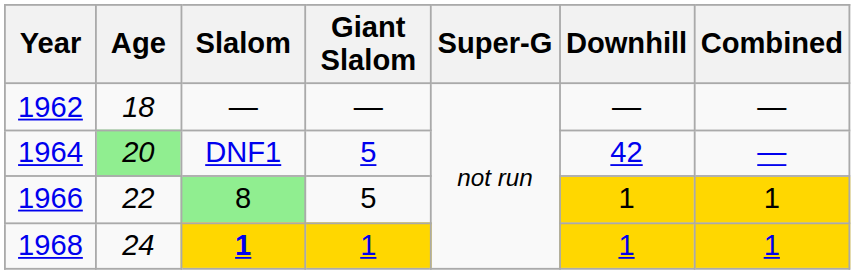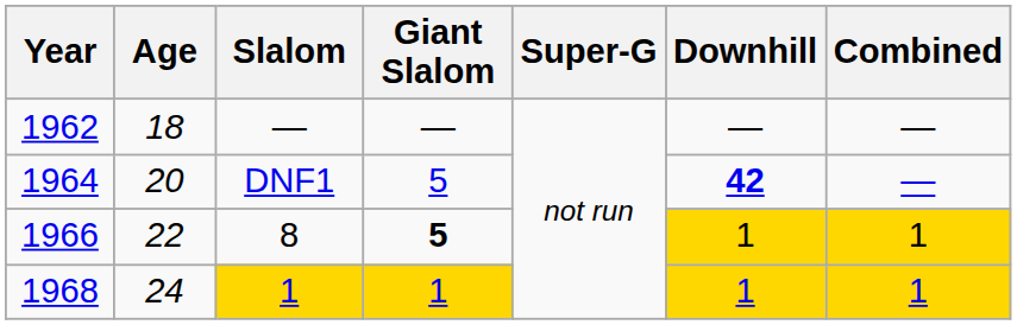 <table class=wikitable style="text-align:center">
 <tr>
 <th> Year </th>
 <th> Age </th>
 <th> Slalom </th>
 <th>Giant<br> Slalom </th>
 <th>Super-G</th>
 <th>Downhill</th>
 <th>Combined</th>
 </tr>
 <tr>
 <td><a href='#'>1962</a></td>
 <td><em>18</em></td>
 <td>—</td>
 <td>—</td>
 <td rowspan=4><small><em>not run</em></small></td>
 <td>—</td>
 <td>—</td>
 </tr>
 <tr>
 <td><a href='#'>1964</a></td>
-<td style="background: lightgreen;"><em>20</em></td>
+<td><em>20</em></td>
 <td><a href='#'>DNF1</a></td>
 <td><a href='#'>5</a></td>
-<td><a href='#'>42</a></td>
+<td><strong><a href='#'>42</a></strong></td>
 <td><a href='#'>—</a></td>
 </tr>
 <tr>
 <td><a href='#'>1966</a></td>
 <td><em>22</em></td>
-<td style="background: lightgreen;">8</td>
-<td>5</td>
+<td>8</td>
+<td><strong>5</strong></td>
 <td style="background:gold;">1</td>
 <td style="background:gold;">1</td>
 </tr>
 <tr>
 <td><a href='#'>1968</a></td>
 <td><em>24</em></td>
-<td style="background:gold;"><strong><a href='#'>1</a></strong></td>
+<td style="background:gold;"><a href='#'>1</a></td>
 <td style="background:gold;"><a href='#'>1</a></td>
 <td style="background:gold;"><a href='#'>1</a></td>
 <td style="background:gold;"><a href='#'>1</a></td>
 </tr>
 </table>
